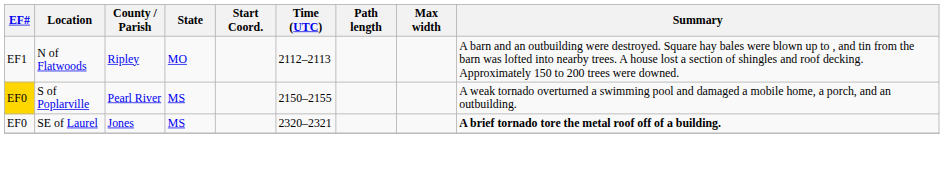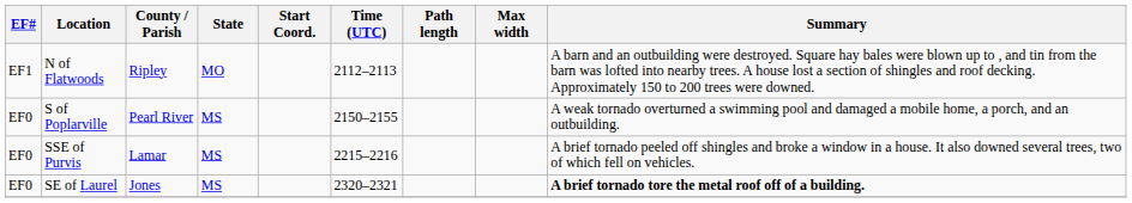 <table class="wikitable sortable" style="width:100%;">
 <tr>
 <th scope="col" width="3%" align="center"><a href='#'>EF#</a></th>
 <th scope="col" width="7%" align="center" class="unsortable">Location</th>
 <th scope="col" width="6%" align="center" class="unsortable">County / Parish</th>
 <th scope="col" width="5%" align="center">State</th>
 <th scope="col" width="6%" align="center">Start Coord.</th>
 <th scope="col" width="6%" align="center">Time (<a href='#'>UTC</a>)</th>
 <th scope="col" width="6%" align="center">Path length</th>
 <th scope="col" width="6%" align="center">Max width</th>
 <th scope="col" width="48%" class="unsortable" align="center">Summary</th>
 </tr>
 <tr>
 <td>EF1</td>
 <td>N of <a href='#'>Flatwoods</a></td>
 <td><a href='#'>Ripley</a></td>
 <td><a href='#'>MO</a></td>
 <td></td>
 <td>2112–2113</td>
 <td></td>
 <td></td>
 <td>A barn and an outbuilding were destroyed. Square hay bales were blown up to , and tin from the barn was lofted into nearby trees. A house lost a section of shingles and roof decking. Approximately 150 to 200 trees were downed.</td>
 </tr>
 <tr>
-<td style="background: gold;">EF0</td>
+<td>EF0</td>
 <td>S of <a href='#'>Poplarville</a></td>
 <td><a href='#'>Pearl River</a></td>
 <td><a href='#'>MS</a></td>
 <td></td>
 <td>2150–2155</td>
 <td></td>
 <td></td>
 <td>A weak tornado overturned a swimming pool and damaged a mobile home, a porch, and an outbuilding.</td>
+</tr>
+<tr>
+<td>EF0</td>
+<td>SSE of <a href='#'>Purvis</a></td>
+<td><a href='#'>Lamar</a></td>
+<td><a href='#'>MS</a></td>
+<td></td>
+<td>2215–2216</td>
+<td></td>
+<td></td>
+<td>A brief tornado peeled off shingles and broke a window in a house. It also downed several trees, two of which fell on vehicles.</td>
 </tr>
 <tr>
 <td>EF0</td>
 <td>SE of <a href='#'>Laurel</a></td>
 <td><a href='#'>Jones</a></td>
 <td><a href='#'>MS</a></td>
 <td></td>
 <td>2320–2321</td>
 <td></td>
 <td></td>
 <td><strong>A brief tornado tore the metal roof off of a building.</strong></td>
 </tr>
 <tr>
 </tr>
 </table>
